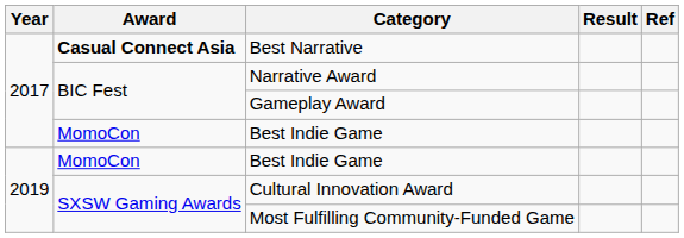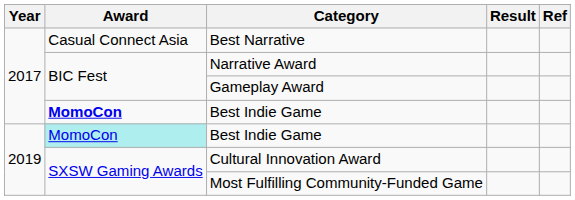 <table class="wikitable sortable">
 <tr>
 <th>Year</th>
 <th>Award</th>
 <th>Category</th>
 <th>Result</th>
 <th>Ref</th>
 </tr>
 <tr>
 <td style="text-align:center;" rowspan="4">2017</td>
-<td><strong>Casual Connect Asia</strong></td>
+<td>Casual Connect Asia</td>
 <td>Best Narrative</td>
 <td></td>
 <td rowspan="1" style="text-align:center;"></td>
 </tr>
 <tr>
 <td rowspan="2">BIC Fest</td>
 <td>Narrative Award</td>
 <td></td>
 <td></td>
 </tr>
 <tr>
 <td>Gameplay Award</td>
 <td></td>
 <td></td>
 </tr>
 <tr>
-<td><a href='#'>MomoCon</a></td>
+<td><strong><a href='#'>MomoCon</a></strong></td>
 <td>Best Indie Game</td>
 <td></td>
 <td rowspan="1" style="text-align:center;"></td>
 </tr>
 <tr>
 <td style="text-align:center;" rowspan="3">2019</td>
-<td><a href='#'>MomoCon</a></td>
+<td style="background: paleturquoise;"><a href='#'>MomoCon</a></td>
 <td>Best Indie Game</td>
 <td></td>
 <td style="text-align:center;"></td>
 </tr>
 <tr>
 <td rowspan="2"><a href='#'>SXSW Gaming Awards</a></td>
 <td>Cultural Innovation Award</td>
 <td></td>
 <td rowspan="1" style="text-align:center;"></td>
 </tr>
 <tr>
 <td>Most Fulfilling Community-Funded Game</td>
 <td></td>
 <td rowspan="1" style="text-align:center;"></td>
 </tr>
 </table>
